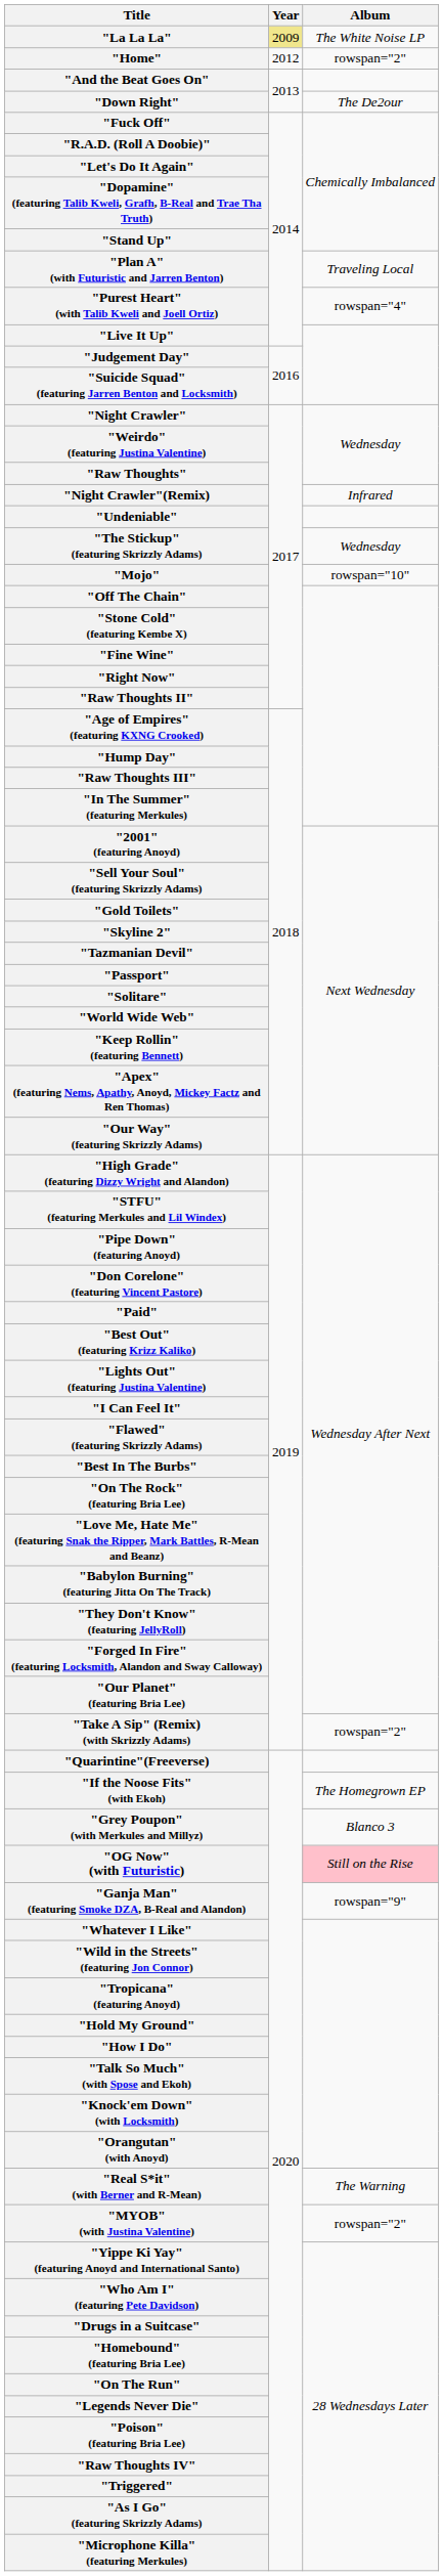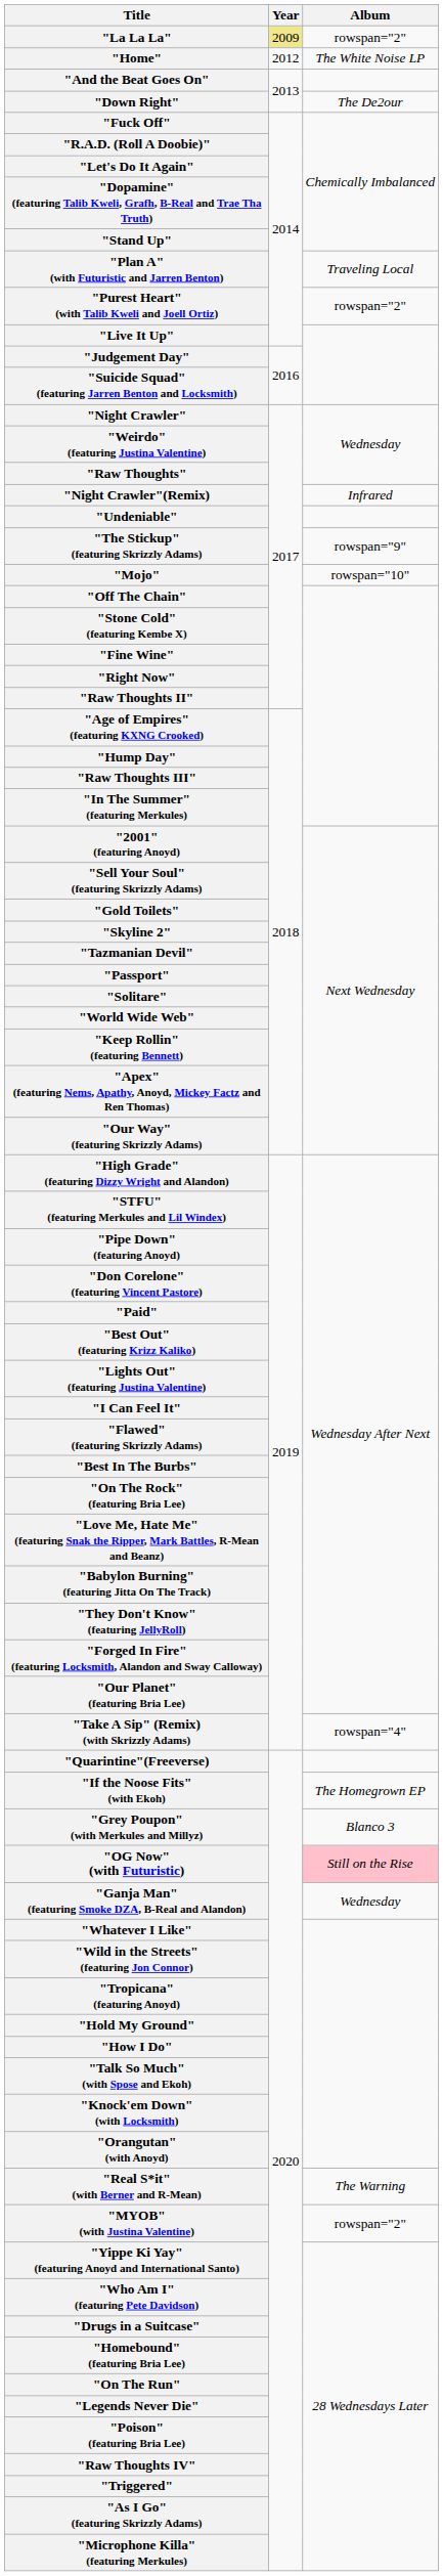 <table class="wikitable plainrowheaders" style="text-align:center;">
 <tr>
 <th scope="col" style="width:19em;">Title</th>
 <th scope="col">Year</th>
 <th scope="col">Album</th>
 </tr>
 <tr>
 <th scope="row">"La La La"</th>
 <td style="background: khaki;">2009</td>
-<td><em>The White Noise LP</em></td>
+<td>rowspan="2" </td>
 </tr>
 <tr>
 <th scope="row">"Home"</th>
 <td>2012</td>
-<td>rowspan="2" </td>
+<td><em>The White Noise LP</em></td>
 </tr>
 <tr>
 <th scope="row">"And the Beat Goes On"</th>
 <td rowspan="2">2013</td>
 </tr>
 <tr>
 <th scope="row">"Down Right"</th>
 <td><em>The De2our</em></td>
 </tr>
 <tr>
 <th scope="row">"Fuck Off"</th>
 <td rowspan="8">2014</td>
 <td rowspan="5"><em>Chemically Imbalanced</em></td>
 </tr>
 <tr>
 <th scope="row">"R.A.D. (Roll A Doobie)"</th>
 </tr>
 <tr>
 <th scope="row">"Let's Do It Again"</th>
 </tr>
 <tr>
 <th scope="row">"Dopamine"<br><small>(featuring <a href='#'>Talib Kweli</a>, <a href='#'>Grafh</a>, <a href='#'>B-Real</a> and <a href='#'>Trae Tha Truth</a>)</small></th>
 </tr>
 <tr>
 <th scope="row">"Stand Up"</th>
 </tr>
 <tr>
 <th scope="row">"Plan A"<br><small>(with <a href='#'>Futuristic</a> and <a href='#'>Jarren Benton</a>)</small></th>
 <td><em>Traveling Local</em></td>
 </tr>
 <tr>
 <th scope="row">"Purest Heart"<br><small>(with <a href='#'>Talib Kweli</a> and <a href='#'>Joell Ortiz</a>)</small></th>
-<td>rowspan="4" </td>
+<td>rowspan="2"  </td>
 </tr>
 <tr>
 <th scope="row">"Live It Up"</th>
 </tr>
 <tr>
 <th scope="row">"Judgement Day"</th>
 <td rowspan="2">2016</td>
 </tr>
 <tr>
 <th scope="row">"Suicide Squad"<br><small>(featuring <a href='#'>Jarren Benton</a> and <a href='#'>Locksmith</a>)</small></th>
 </tr>
 <tr>
 <th scope="row">"Night Crawler"</th>
 <td rowspan="12">2017</td>
 <td rowspan="3"><em>Wednesday</em></td>
 </tr>
 <tr>
 <th scope="row">"Weirdo"<br><small>(featuring <a href='#'>Justina Valentine</a>)</small></th>
 </tr>
 <tr>
 <th scope="row">"Raw Thoughts"</th>
 </tr>
 <tr>
 <th scope="row">"Night Crawler"(Remix)</th>
 <td><em>Infrared</em></td>
 </tr>
 <tr>
 <th scope="row">"Undeniable"</th>
 </tr>
 <tr>
 <th scope="row">"The Stickup"<br><small>(featuring Skrizzly Adams)</small></th>
-<td rowspan="1"><em>Wednesday</em></td>
+<td>rowspan="9"  </td>
 </tr>
 <tr>
 <th scope="row">"Mojo"</th>
 <td>rowspan="10" </td>
 </tr>
 <tr>
 <th scope="row">"Off The Chain"</th>
 </tr>
 <tr>
 <th scope="row">"Stone Cold"<br><small>(featuring Kembe X)</small></th>
 </tr>
 <tr>
 <th scope="row">"Fine Wine"</th>
 </tr>
 <tr>
 <th scope="row">"Right Now"</th>
 </tr>
 <tr>
 <th scope="row">"Raw Thoughts II"</th>
 </tr>
 <tr>
 <th scope="row">"Age of Empires"<br><small>(featuring <a href='#'>KXNG Crooked</a>)</small></th>
 <td rowspan="15">2018</td>
 </tr>
 <tr>
 <th scope="row">"Hump Day"</th>
 </tr>
 <tr>
 <th scope="row">"Raw Thoughts III"</th>
 </tr>
 <tr>
 <th scope="row">"In The Summer"<br><small>(featuring Merkules)</small></th>
 </tr>
 <tr>
 <th scope="row">"2001"<br><small>(featuring Anoyd)</small></th>
 <td rowspan="11"><em>Next Wednesday</em></td>
 </tr>
 <tr>
 <th scope="row">"Sell Your Soul"<br><small>(featuring Skrizzly Adams)</small></th>
 </tr>
 <tr>
 <th scope="row">"Gold Toilets"</th>
 </tr>
 <tr>
 <th scope="row">"Skyline 2"</th>
 </tr>
 <tr>
 <th scope="row">"Tazmanian Devil"</th>
 </tr>
 <tr>
 <th scope="row">"Passport"</th>
 </tr>
 <tr>
 <th scope="row">"Solitare"</th>
 </tr>
 <tr>
 <th scope="row">"World Wide Web"</th>
 </tr>
 <tr>
 <th scope="row">"Keep Rollin"<br><small>(featuring <a href='#'>Bennett</a>)</small></th>
 </tr>
 <tr>
 <th scope="row">"Apex"<br><small>(featuring <a href='#'>Nems</a>, <a href='#'>Apathy</a>, Anoyd, <a href='#'>Mickey Factz</a> and Ren Thomas)</small></th>
 </tr>
 <tr>
 <th scope="row">"Our Way"<br><small>(featuring Skrizzly Adams)</small></th>
 </tr>
 <tr>
 <th scope="row">"High Grade"<br><small>(featuring <a href='#'>Dizzy Wright</a> and Alandon)</small></th>
 <td rowspan="17">2019</td>
 <td rowspan="16"><em>Wednesday After Next</em></td>
 </tr>
 <tr>
 <th scope="row">"STFU"<br><small>(featuring Merkules and <a href='#'>Lil Windex</a>)</small></th>
 </tr>
 <tr>
 <th scope="row">"Pipe Down"<br><small>(featuring Anoyd)</small></th>
 </tr>
 <tr>
 <th scope="row">"Don Corelone"<br><small>(featuring <a href='#'>Vincent Pastore</a>)</small></th>
 </tr>
 <tr>
 <th scope="row">"Paid"</th>
 </tr>
 <tr>
 <th scope="row">"Best Out"<br><small>(featuring <a href='#'>Krizz Kaliko</a>)</small></th>
 </tr>
 <tr>
 <th scope="row">"Lights Out"<br><small>(featuring <a href='#'>Justina Valentine</a>)</small></th>
 </tr>
 <tr>
 <th scope="row">"I Can Feel It"</th>
 </tr>
 <tr>
 <th scope="row">"Flawed"<br><small>(featuring Skrizzly Adams)</small></th>
 </tr>
 <tr>
 <th scope="row">"Best In The Burbs"</th>
 </tr>
 <tr>
 <th scope="row">"On The Rock"<br><small>(featuring Bria Lee)</small></th>
 </tr>
 <tr>
 <th scope="row">"Love Me, Hate Me"<br><small>(featuring <a href='#'>Snak the Ripper</a>, <a href='#'>Mark Battles</a>, R-Mean and Beanz)</small></th>
 </tr>
 <tr>
 <th scope="row">"Babylon Burning"<br><small>(featuring Jitta On The Track)</small></th>
 </tr>
 <tr>
 <th scope="row">"They Don't Know"<br><small>(featuring <a href='#'>JellyRoll</a>)</small></th>
 </tr>
 <tr>
 <th scope="row">"Forged In Fire"<br><small>(featuring <a href='#'>Locksmith</a>, Alandon and Sway Calloway)</small></th>
 </tr>
 <tr>
 <th scope="row">"Our Planet"<br><small>(featuring Bria Lee)</small></th>
 </tr>
 <tr>
 <th scope="row">"Take A Sip" (Remix)<br><small>(with Skrizzly Adams)</small></th>
-<td>rowspan="2"  </td>
+<td>rowspan="4" </td>
 </tr>
 <tr>
 <th scope="row">"Quarintine"(Freeverse)</th>
 <td rowspan="27">2020</td>
 </tr>
 <tr>
 <th scope="row">"If the Noose Fits"<br><small>(with Ekoh)</small></th>
 <td><em>The Homegrown EP</em></td>
 </tr>
 <tr>
 <th scope="row">"Grey Poupon"<br><small>(with Merkules and Millyz)</small></th>
 <td><em>Blanco 3</em></td>
 </tr>
 <tr>
 <th scope="row">"OG Now"<br><span>(with <a href='#'>Futuristic</a>)</span></th>
 <td style="background: pink;"><em>Still on the Rise</em></td>
 </tr>
 <tr>
 <th scope="row">"Ganja Man"<br><small>(featuring <a href='#'>Smoke DZA</a>, B-Real and Alandon)</small></th>
-<td>rowspan="9"  </td>
+<td rowspan="1"><em>Wednesday</em></td>
 </tr>
 <tr>
 <th scope="row">"Whatever I Like"</th>
 </tr>
 <tr>
 <th scope="row">"Wild in the Streets"<br><small>(featuring <a href='#'>Jon Connor</a>)</small></th>
 </tr>
 <tr>
 <th scope="row">"Tropicana"<br><small>(featuring Anoyd)</small></th>
 </tr>
 <tr>
 <th scope="row">"Hold My Ground"</th>
 </tr>
 <tr>
 <th scope="row">"How I Do"</th>
 </tr>
 <tr>
 <th scope="row">"Talk So Much"<br><small>(with <a href='#'>Spose</a> and Ekoh)</small></th>
 </tr>
 <tr>
 <th scope="row">"Knock'em Down"<br><small>(with <a href='#'>Locksmith</a>)</small></th>
 </tr>
 <tr>
 <th scope="row">"Orangutan"<br><small>(with Anoyd)</small></th>
 </tr>
 <tr>
 <th scope="row">"Real S*it"<br><small>(with <a href='#'>Berner</a> and R-Mean)</small></th>
 <td><em>The Warning</em></td>
 </tr>
 <tr>
 <th scope="row">"MYOB"<br><small>(with <a href='#'>Justina Valentine</a>)</small></th>
 <td>rowspan="2" </td>
 </tr>
 <tr>
 <th scope="row">"Yippe Ki Yay"<br><small>(featuring Anoyd and International Santo)</small></th>
 <td rowspan="11"><em>28 Wednesdays Later</em></td>
 </tr>
 <tr>
 <th scope="row">"Who Am I"<br><small>(featuring <a href='#'>Pete Davidson</a>)</small></th>
 </tr>
 <tr>
 <th scope="row">"Drugs in a Suitcase"</th>
 </tr>
 <tr>
 <th scope="row">"Homebound"<br><small>(featuring Bria Lee)</small></th>
 </tr>
 <tr>
 <th scope="row">"On The Run"</th>
 </tr>
 <tr>
 <th scope="row">"Legends Never Die"</th>
 </tr>
 <tr>
 <th scope="row">"Poison"<br><small>(featuring Bria Lee)</small></th>
 </tr>
 <tr>
 <th scope="row">"Raw Thoughts IV"</th>
 </tr>
 <tr>
 <th scope="row">"Triggered"</th>
 </tr>
 <tr>
 <th scope="row">"As I Go"<br><small>(featuring Skrizzly Adams)</small></th>
 </tr>
 <tr>
 <th scope="row">"Microphone Killa"<br><small>(featuring Merkules)</small></th>
 </tr>
 </table>
